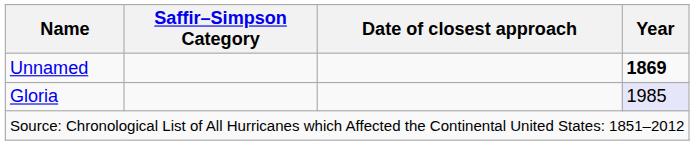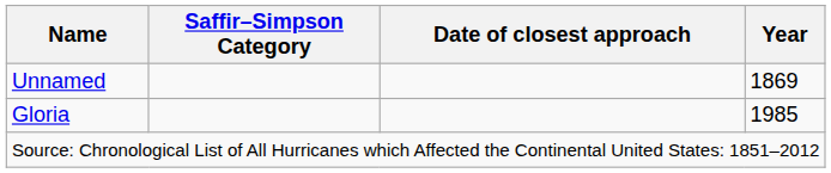 <table class = "wikitable" style="margin:1em auto;">
 <tr>
 <th>Name</th>
 <th><a href='#'>Saffir–Simpson</a><br>Category</th>
 <th>Date of closest approach</th>
 <th>Year</th>
 </tr>
 <tr>
 <td><a href='#'>Unnamed</a></td>
 <td></td>
 <td></td>
-<td><strong>1869</strong></td>
+<td>1869</td>
 </tr>
 <tr>
 <td><a href='#'>Gloria</a></td>
 <td></td>
 <td></td>
-<td style="background: lavender;">1985</td>
+<td>1985</td>
 </tr>
 <tr>
 <td colspan="9"><small>Source: Chronological List of All Hurricanes which Affected the Continental United States: 1851–2012</small></td>
 </tr>
 </table>
